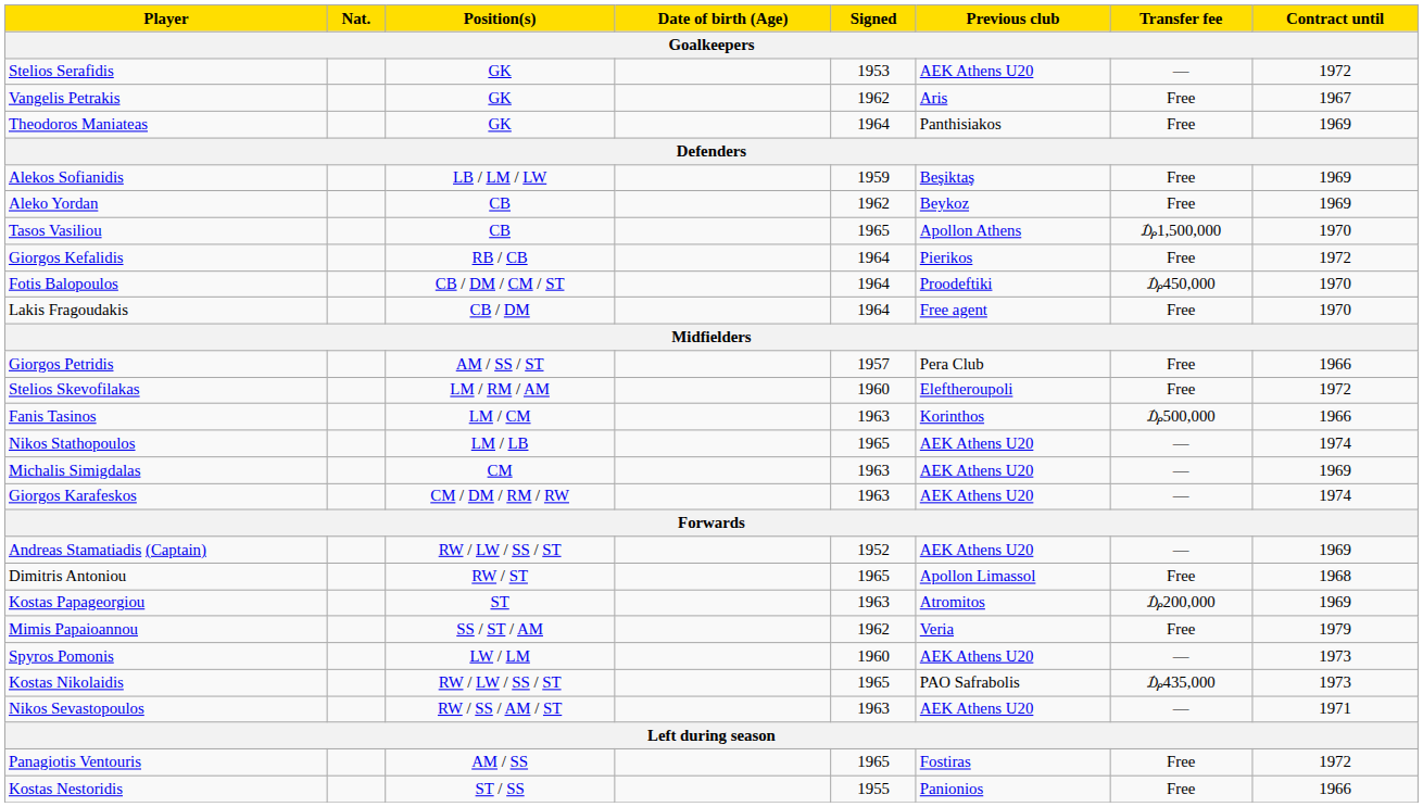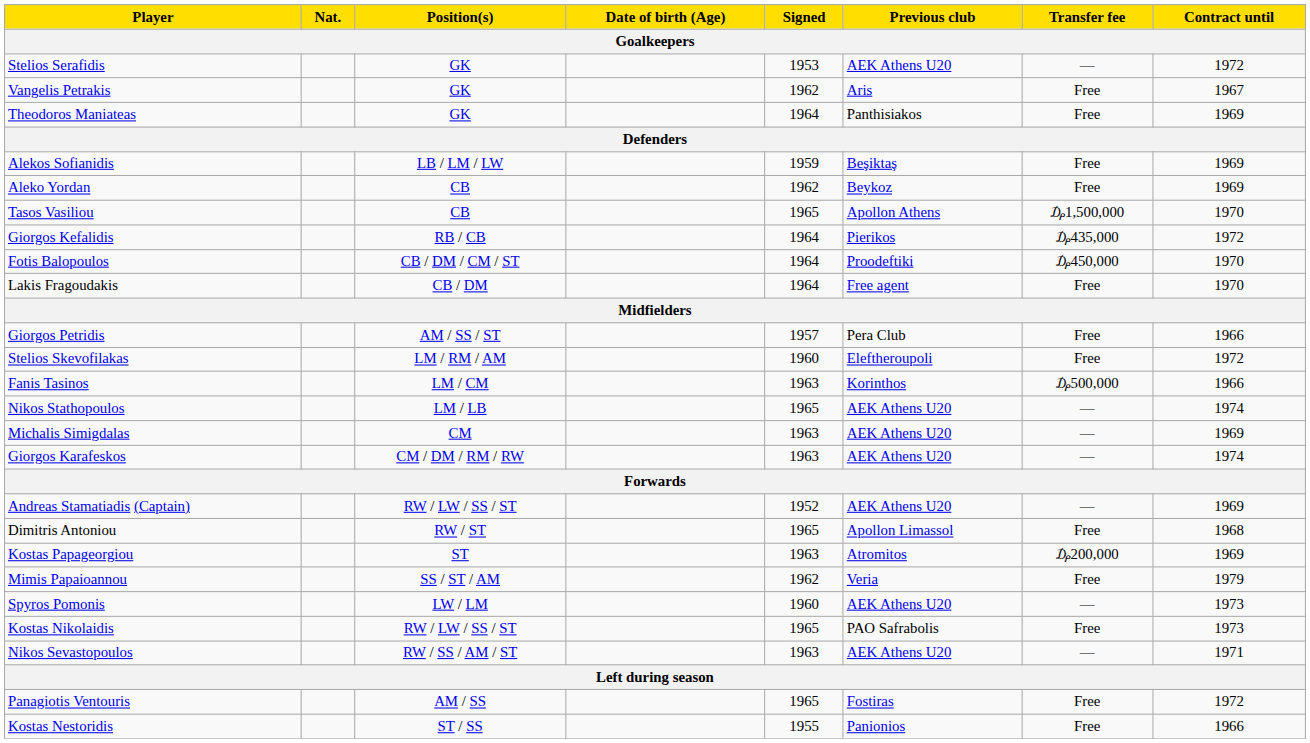 <table class="wikitable" style="text-align:center; font-size:90%;width:100%;">
 <tr>
 <th style="background:#FFDE00">Player</th>
 <th style="background:#FFDE00">Nat.</th>
 <th style="background:#FFDE00">Position(s)</th>
 <th style="background:#FFDE00">Date of birth (Age)</th>
 <th style="background:#FFDE00">Signed</th>
 <th style="background:#FFDE00">Previous club</th>
 <th style="background:#FFDE00">Transfer fee</th>
 <th style="background:#FFDE00">Contract until</th>
 </tr>
 <tr>
 <th colspan="8">Goalkeepers</th>
 </tr>
 <tr>
 <td align=left><a href='#'>Stelios Serafidis</a></td>
 <td></td>
 <td><a href='#'>GK</a></td>
 <td></td>
 <td>1953</td>
 <td align=left> <a href='#'>AEK Athens U20</a></td>
 <td>—</td>
 <td>1972</td>
 </tr>
 <tr>
 <td align=left><a href='#'>Vangelis Petrakis</a></td>
 <td></td>
 <td><a href='#'>GK</a></td>
 <td></td>
 <td>1962</td>
 <td align=left> <a href='#'>Aris</a></td>
 <td>Free</td>
 <td>1967</td>
 </tr>
 <tr>
 <td align=left><a href='#'>Theodoros Maniateas</a></td>
 <td></td>
 <td><a href='#'>GK</a></td>
 <td></td>
 <td>1964</td>
 <td align=left> Panthisiakos</td>
 <td>Free</td>
 <td>1969</td>
 </tr>
 <tr>
 <th colspan="8">Defenders</th>
 </tr>
 <tr>
 <td align=left><a href='#'>Alekos Sofianidis</a></td>
 <td></td>
 <td><a href='#'>LB</a> / <a href='#'>LM</a> / <a href='#'>LW</a></td>
 <td></td>
 <td>1959</td>
 <td align=left> <a href='#'>Beşiktaş</a></td>
 <td>Free</td>
 <td>1969</td>
 </tr>
 <tr>
 <td align=left><a href='#'>Aleko Yordan</a></td>
 <td></td>
 <td><a href='#'>CB</a></td>
 <td></td>
 <td>1962</td>
 <td align=left> <a href='#'>Beykoz</a></td>
 <td>Free</td>
 <td>1969</td>
 </tr>
 <tr>
 <td align=left><a href='#'>Tasos Vasiliou</a></td>
 <td></td>
 <td><a href='#'>CB</a></td>
 <td></td>
 <td>1965</td>
 <td align=left> <a href='#'>Apollon Athens</a></td>
 <td>₯1,500,000</td>
 <td>1970</td>
 </tr>
 <tr>
 <td align=left><a href='#'>Giorgos Kefalidis</a></td>
 <td></td>
 <td><a href='#'>RB</a> / <a href='#'>CB</a></td>
 <td></td>
 <td>1964</td>
 <td align=left> <a href='#'>Pierikos</a></td>
-<td>Free</td>
+<td>₯435,000</td>
 <td>1972</td>
 </tr>
 <tr>
 <td align=left><a href='#'>Fotis Balopoulos</a></td>
 <td></td>
 <td><a href='#'>CB</a> / <a href='#'>DM</a> / <a href='#'>CM</a> / <a href='#'>ST</a></td>
 <td></td>
 <td>1964</td>
 <td align=left> <a href='#'>Proodeftiki</a></td>
 <td>₯450,000</td>
 <td>1970</td>
 </tr>
 <tr>
 <td align=left>Lakis Fragoudakis</td>
 <td></td>
 <td><a href='#'>CB</a> / <a href='#'>DM</a></td>
 <td></td>
 <td>1964</td>
 <td align=left><a href='#'>Free agent</a></td>
 <td>Free</td>
 <td>1970</td>
 </tr>
 <tr>
 <th colspan="8">Midfielders</th>
 </tr>
 <tr>
 <td align=left><a href='#'>Giorgos Petridis</a></td>
 <td></td>
 <td><a href='#'>AM</a> / <a href='#'>SS</a> / <a href='#'>ST</a></td>
 <td></td>
 <td>1957</td>
 <td align=left> Pera Club</td>
 <td>Free</td>
 <td>1966</td>
 </tr>
 <tr>
 <td align=left><a href='#'>Stelios Skevofilakas</a></td>
 <td></td>
 <td><a href='#'>LM</a> / <a href='#'>RM</a> / <a href='#'>AM</a></td>
 <td></td>
 <td>1960</td>
 <td align=left> <a href='#'>Eleftheroupoli</a></td>
 <td>Free</td>
 <td>1972</td>
 </tr>
 <tr>
 <td align=left><a href='#'>Fanis Tasinos</a></td>
 <td></td>
 <td><a href='#'>LM</a> / <a href='#'>CM</a></td>
 <td></td>
 <td>1963</td>
 <td align=left> <a href='#'>Korinthos</a></td>
 <td>₯500,000</td>
 <td>1966</td>
 </tr>
 <tr>
 <td align=left><a href='#'>Nikos Stathopoulos</a></td>
 <td></td>
 <td><a href='#'>LM</a> / <a href='#'>LB</a></td>
 <td></td>
 <td>1965</td>
 <td align=left> <a href='#'>AEK Athens U20</a></td>
 <td>—</td>
 <td>1974</td>
 </tr>
 <tr>
 <td align=left><a href='#'>Michalis Simigdalas</a></td>
 <td></td>
 <td><a href='#'>CM</a></td>
 <td></td>
 <td>1963</td>
 <td align=left> <a href='#'>AEK Athens U20</a></td>
 <td>—</td>
 <td>1969</td>
 </tr>
 <tr>
 <td align=left><a href='#'>Giorgos Karafeskos</a></td>
 <td></td>
 <td><a href='#'>CM</a> / <a href='#'>DM</a> / <a href='#'>RM</a> / <a href='#'>RW</a></td>
 <td></td>
 <td>1963</td>
 <td align=left> <a href='#'>AEK Athens U20</a></td>
 <td>—</td>
 <td>1974</td>
 </tr>
 <tr>
 <th colspan="8">Forwards</th>
 </tr>
 <tr>
 <td align=left><a href='#'>Andreas Stamatiadis</a> <a href='#'>(Captain)</a></td>
 <td></td>
 <td><a href='#'>RW</a> / <a href='#'>LW</a> / <a href='#'>SS</a> / <a href='#'>ST</a></td>
 <td></td>
 <td>1952</td>
 <td align=left> <a href='#'>AEK Athens U20</a></td>
 <td>—</td>
 <td>1969</td>
 </tr>
 <tr>
 <td align=left>Dimitris Antoniou</td>
 <td></td>
 <td><a href='#'>RW</a> / <a href='#'>ST</a></td>
 <td></td>
 <td>1965</td>
 <td align=left> <a href='#'>Apollon Limassol</a></td>
 <td>Free</td>
 <td>1968</td>
 </tr>
 <tr>
 <td align=left><a href='#'>Kostas Papageorgiou</a></td>
 <td></td>
 <td><a href='#'>ST</a></td>
 <td></td>
 <td>1963</td>
 <td align=left> <a href='#'>Atromitos</a></td>
 <td>₯200,000</td>
 <td>1969</td>
 </tr>
 <tr>
 <td align=left><a href='#'>Mimis Papaioannou</a></td>
 <td></td>
 <td><a href='#'>SS</a> / <a href='#'>ST</a> / <a href='#'>AM</a></td>
 <td></td>
 <td>1962</td>
 <td align=left> <a href='#'>Veria</a></td>
 <td>Free</td>
 <td>1979</td>
 </tr>
 <tr>
 <td align=left><a href='#'>Spyros Pomonis</a></td>
 <td></td>
 <td><a href='#'>LW</a> / <a href='#'>LM</a></td>
 <td></td>
 <td>1960</td>
 <td align=left> <a href='#'>AEK Athens U20</a></td>
 <td>—</td>
 <td>1973</td>
 </tr>
 <tr>
 <td align=left><a href='#'>Kostas Nikolaidis</a></td>
 <td></td>
 <td><a href='#'>RW</a> / <a href='#'>LW</a> / <a href='#'>SS</a> / <a href='#'>ST</a></td>
 <td></td>
 <td>1965</td>
 <td align=left> PAO Safrabolis</td>
-<td>₯435,000</td>
+<td>Free</td>
 <td>1973</td>
 </tr>
 <tr>
 <td align=left><a href='#'>Nikos Sevastopoulos</a></td>
 <td></td>
 <td><a href='#'>RW</a> / <a href='#'>SS</a> / <a href='#'>AM</a> / <a href='#'>ST</a></td>
 <td></td>
 <td>1963</td>
 <td align=left> <a href='#'>AEK Athens U20</a></td>
 <td>—</td>
 <td>1971</td>
 </tr>
 <tr>
 <th colspan="8">Left during season</th>
 </tr>
 <tr>
 <td align=left><a href='#'>Panagiotis Ventouris</a></td>
 <td></td>
 <td><a href='#'>AM</a> / <a href='#'>SS</a></td>
 <td></td>
 <td>1965</td>
 <td align=left> <a href='#'>Fostiras</a></td>
 <td>Free</td>
 <td>1972</td>
 </tr>
 <tr>
 <td align=left><a href='#'>Kostas Nestoridis</a></td>
 <td></td>
 <td><a href='#'>ST</a> / <a href='#'>SS</a></td>
 <td></td>
 <td>1955</td>
 <td align=left> <a href='#'>Panionios</a></td>
 <td>Free</td>
 <td>1966</td>
 </tr>
 </table>
